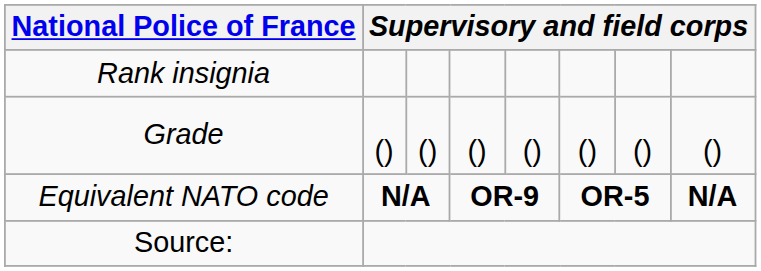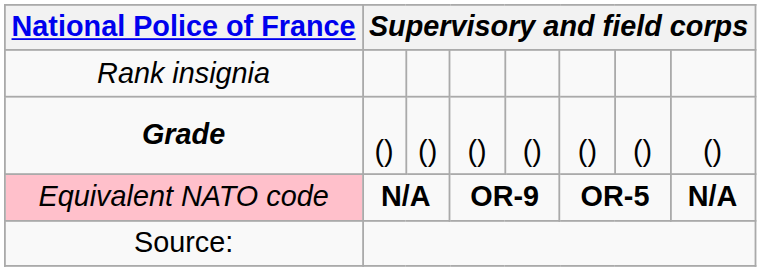 <table class="wikitable" style="text-align: center;">
 <tr>
 <th><a href='#'>National Police of France</a></th>
 <th colspan=9><em>Supervisory and field corps</em></th>
 </tr>
 <tr>
 <td><em>Rank insignia</em></td>
 <td></td>
 <td></td>
 <td></td>
 <td></td>
 <td></td>
 <td></td>
 <td></td>
 </tr>
 <tr>
-<td><em>Grade</em></td>
+<td><strong><em>Grade</em></strong></td>
 <td><br>()</td>
 <td><br>()</td>
 <td><br>()</td>
 <td><br>()</td>
 <td><br>()</td>
 <td><br>()</td>
 <td><br>()</td>
 </tr>
 <tr>
-<td><em>Equivalent NATO code</em></td>
+<td style="background: pink;"><em>Equivalent NATO code</em></td>
 <td colspan=2><strong>N/A</strong></td>
 <td colspan=2><strong>OR-9</strong></td>
 <td colspan=2><strong>OR-5</strong></td>
 <td><strong>N/A</strong></td>
 </tr>
 <tr>
 <td>Source:</td>
 <td colspan=9></td>
 </tr>
 </table>
